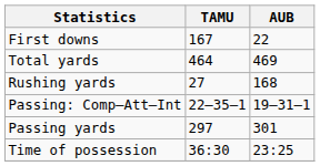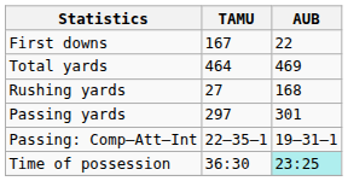 <table class="wikitable" style="float: left;">
 <tr>
 <th>Statistics</th>
 <th>TAMU</th>
 <th>AUB</th>
 </tr>
 <tr>
 <td>First downs</td>
 <td>167</td>
 <td>22</td>
 </tr>
 <tr>
 <td>Total yards</td>
 <td>464</td>
 <td>469</td>
 </tr>
 <tr>
 <td>Rushing yards</td>
 <td>27</td>
 <td>168</td>
 </tr>
 <tr>
+<td>Passing yards</td>
+<td>297</td>
+<td>301</td>
+</tr>
+<tr>
 <td>Passing: Comp–Att–Int</td>
 <td>22–35–1</td>
 <td>19–31–1</td>
 </tr>
 <tr>
-<td>Passing yards</td>
-<td>297</td>
-<td>301</td>
-</tr>
-<tr>
 <td>Time of possession</td>
 <td>36:30</td>
-<td>23:25</td>
+<td style="background: paleturquoise;">23:25</td>
 </tr>
 <tr>
 </tr>
 </table>
